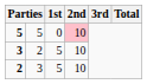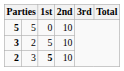 <table class="wikitable" style="text-align:right;">
 <tr>
 <th colspan=2 style="text-align:left;">Parties</th>
 <th>1st</th>
 <th>2nd</th>
 <th>3rd</th>
 <th>Total</th>
 </tr>
 <tr>
 <td><strong>5</strong></td>
 <td>5</td>
 <td>0</td>
-<td style="background: pink;">10</td>
+<td>10</td>
 </tr>
 <tr>
 <td><strong>3</strong></td>
 <td>2</td>
 <td>5</td>
 <td>10</td>
 </tr>
 <tr>
 <td><strong>2</strong></td>
 <td>3</td>
-<td>5</td>
+<td><strong>5</strong></td>
 <td>10</td>
 </tr>
 </table>
